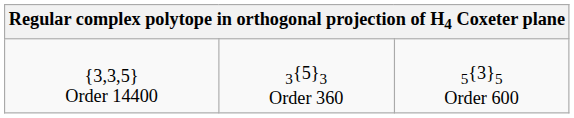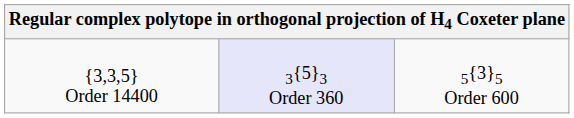 <table class="wikitable mw-collapsible mw-collapsed">
 <tr>
 <th colspan=3>Regular complex polytope in orthogonal projection of H<sub>4</sub> Coxeter plane</th>
 </tr>
 <tr align=center>
 <td><br>{3,3,5}<br>Order 14400</td>
-<td><br><sub>3</sub>{5}<sub>3</sub><br>Order 360</td>
+<td style="background: lavender;"><br><sub>3</sub>{5}<sub>3</sub><br>Order 360</td>
 <td><br><sub>5</sub>{3}<sub>5</sub><br>Order 600</td>
 </tr>
 </table>
